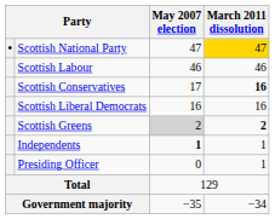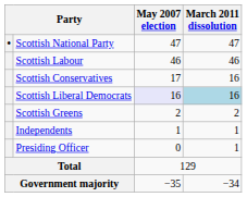 <table class="wikitable" style="font-size:95%;">
 <tr>
 <th colspan="2">Party</th>
 <th>May 2007<br><a href='#'>election</a></th>
 <th>March 2011<br><a href='#'>dissolution</a></th>
 </tr>
 <tr>
 <th style="background-color: "><span>•</span></th>
 <td><a href='#'>Scottish National Party</a></td>
 <td align="right">47</td>
-<td align="right" style="background: gold;">47</td>
+<td align="right">47</td>
 </tr>
 <tr>
 <th style="background-color: "></th>
 <td><a href='#'>Scottish Labour</a></td>
 <td align="right">46</td>
 <td align="right">46</td>
 </tr>
 <tr>
 <th style="background-color: "></th>
 <td><a href='#'>Scottish Conservatives</a></td>
 <td align="right">17</td>
-<td align="right"><strong>16</strong></td>
+<td align="right">16</td>
 </tr>
 <tr>
 <th style="background-color: "></th>
 <td><a href='#'>Scottish Liberal Democrats</a></td>
-<td align="right">16</td>
-<td align="right">16</td>
+<td align="right" style="background: lavender;">16</td>
+<td align="right" style="background: lightblue;">16</td>
 </tr>
 <tr>
 <th style="background-color: "></th>
 <td><a href='#'>Scottish Greens</a></td>
-<td align="right" style="background: lightgrey;">2</td>
-<td align="right"><strong>2</strong></td>
+<td align="right">2</td>
+<td align="right">2</td>
 </tr>
 <tr>
 <th style="background-color: "></th>
 <td><a href='#'>Independents</a></td>
-<td align="right"><strong>1</strong></td>
+<td align="right">1</td>
 <td align="right">1</td>
 </tr>
 <tr>
 <th style="background-color: "></th>
 <td><a href='#'>Presiding Officer</a></td>
 <td align="right">0</td>
 <td align="right">1</td>
 </tr>
 <tr>
 <th colspan="2">Total</th>
 <td colspan="2" align="center">129</td>
 </tr>
 <tr>
 <th colspan="2" rowspan="1">Government majority</th>
 <td align="right">−35</td>
 <td align="right">−34</td>
 </tr>
 </table>
